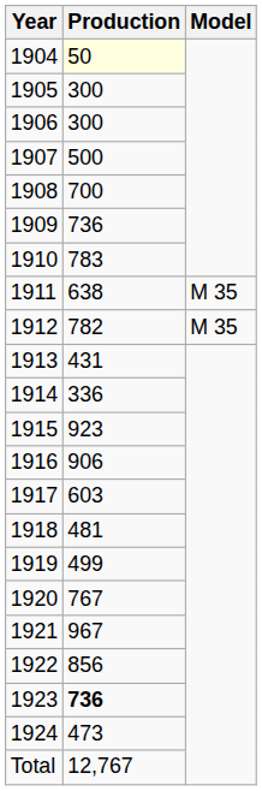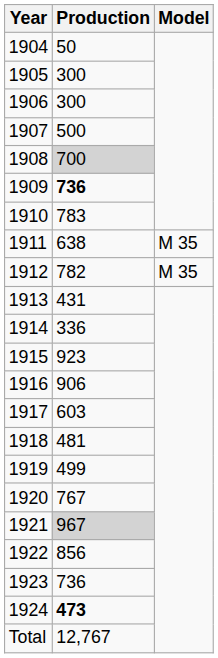 <table class="wikitable sortable mw-collapsible">
 <tr>
 <th>Year</th>
 <th>Production</th>
 <th>Model</th>
 </tr>
 <tr>
 <td>1904</td>
-<td style="background: lightyellow;">50</td>
+<td>50</td>
 </tr>
 <tr>
 <td>1905</td>
 <td>300</td>
 </tr>
 <tr>
 <td>1906</td>
 <td>300</td>
 </tr>
 <tr>
 <td>1907</td>
 <td>500</td>
 </tr>
 <tr>
 <td>1908</td>
-<td>700</td>
+<td style="background: lightgrey;">700</td>
 </tr>
 <tr>
 <td>1909</td>
-<td>736</td>
+<td><strong>736</strong></td>
 </tr>
 <tr>
 <td>1910</td>
 <td>783</td>
 </tr>
 <tr>
 <td>1911</td>
 <td>638</td>
 <td>M 35 </td>
 </tr>
 <tr>
 <td>1912</td>
 <td>782</td>
 <td>M 35</td>
 </tr>
 <tr>
 <td>1913</td>
 <td>431</td>
 </tr>
 <tr>
 <td>1914</td>
 <td>336</td>
 </tr>
 <tr>
 <td>1915</td>
 <td>923</td>
 </tr>
 <tr>
 <td>1916</td>
 <td>906</td>
 </tr>
 <tr>
 <td>1917</td>
 <td>603</td>
 </tr>
 <tr>
 <td>1918</td>
 <td>481</td>
 </tr>
 <tr>
 <td>1919</td>
 <td>499</td>
 </tr>
 <tr>
 <td>1920</td>
 <td>767</td>
 </tr>
 <tr>
 <td>1921</td>
-<td>967</td>
+<td style="background: lightgrey;">967</td>
 </tr>
 <tr>
 <td>1922</td>
 <td>856</td>
 </tr>
 <tr>
 <td>1923</td>
-<td><strong>736</strong></td>
+<td>736</td>
 </tr>
 <tr>
 <td>1924</td>
-<td>473</td>
+<td><strong>473</strong></td>
 </tr>
 <tr>
 <td>Total</td>
 <td>12,767</td>
 </tr>
 </table>
